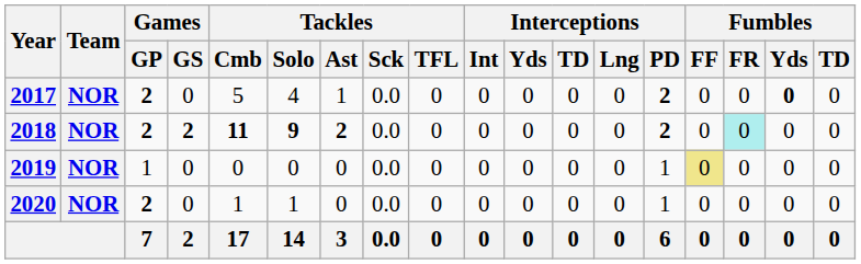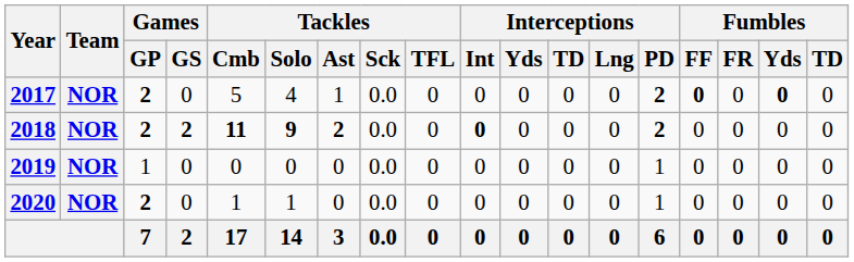 <table class="wikitable" style="text-align:center">
 <tr>
 <th rowspan="2">Year</th>
 <th rowspan="2">Team</th>
 <th colspan="2">Games</th>
 <th colspan="5">Tackles</th>
 <th colspan="5">Interceptions</th>
 <th colspan="4">Fumbles</th>
 </tr>
 <tr>
 <th>GP</th>
 <th>GS</th>
 <th>Cmb</th>
 <th>Solo</th>
 <th>Ast</th>
 <th>Sck</th>
 <th>TFL</th>
 <th>Int</th>
 <th>Yds</th>
 <th>TD</th>
 <th>Lng</th>
 <th>PD</th>
 <th>FF</th>
 <th>FR</th>
 <th>Yds</th>
 <th>TD</th>
 </tr>
 <tr>
 <th><a href='#'>2017</a></th>
 <th><a href='#'>NOR</a></th>
 <td><strong>2</strong></td>
 <td>0</td>
 <td>5</td>
 <td>4</td>
 <td>1</td>
 <td>0.0</td>
 <td>0</td>
 <td>0</td>
 <td>0</td>
 <td>0</td>
 <td>0</td>
 <td><strong>2</strong></td>
-<td>0</td>
+<td><strong>0</strong></td>
 <td>0</td>
 <td><strong>0</strong></td>
 <td>0</td>
 </tr>
 <tr>
 <th><a href='#'>2018</a></th>
 <th><a href='#'>NOR</a></th>
 <td><strong>2</strong></td>
 <td><strong>2</strong></td>
 <td><strong>11</strong></td>
 <td><strong>9</strong></td>
 <td><strong>2</strong></td>
 <td>0.0</td>
 <td>0</td>
-<td>0</td>
+<td><strong>0</strong></td>
 <td>0</td>
 <td>0</td>
 <td>0</td>
 <td><strong>2</strong></td>
 <td>0</td>
-<td style="background: paleturquoise;">0</td>
+<td>0</td>
 <td>0</td>
 <td>0</td>
 </tr>
 <tr>
 <th><a href='#'>2019</a></th>
 <th><a href='#'>NOR</a></th>
 <td>1</td>
 <td>0</td>
 <td>0</td>
 <td>0</td>
 <td>0</td>
 <td>0.0</td>
 <td>0</td>
 <td>0</td>
 <td>0</td>
 <td>0</td>
 <td>0</td>
 <td>1</td>
-<td style="background: khaki;">0</td>
+<td>0</td>
 <td>0</td>
 <td>0</td>
 <td>0</td>
 </tr>
 <tr>
 <th><a href='#'>2020</a></th>
 <th><a href='#'>NOR</a></th>
 <td><strong>2</strong></td>
 <td>0</td>
 <td>1</td>
 <td>1</td>
 <td>0</td>
 <td>0.0</td>
 <td>0</td>
 <td>0</td>
 <td>0</td>
 <td>0</td>
 <td>0</td>
 <td>1</td>
 <td>0</td>
 <td>0</td>
 <td>0</td>
 <td>0</td>
 </tr>
 <tr>
 <th colspan="2"></th>
 <th>7</th>
 <th>2</th>
 <th>17</th>
 <th>14</th>
 <th>3</th>
 <th>0.0</th>
 <th>0</th>
 <th>0</th>
 <th>0</th>
 <th>0</th>
 <th>0</th>
 <th>6</th>
 <th>0</th>
 <th>0</th>
 <th>0</th>
 <th>0</th>
 </tr>
 </table>
